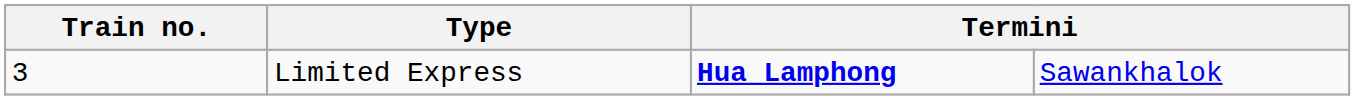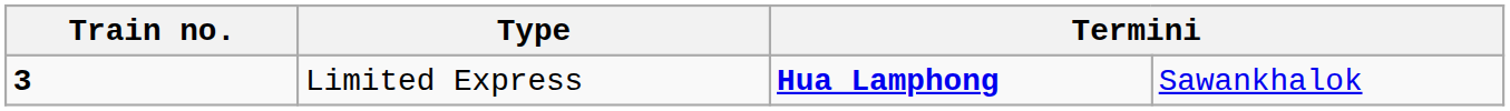 <table width=50% class="wikitable">
 <tr>
 <th>Train no.</th>
 <th>Type</th>
 <th colspan="2">Termini</th>
 </tr>
 <tr>
-<td>3</td>
+<td><strong>3</strong></td>
 <td>Limited Express</td>
 <td><strong><a href='#'>Hua Lamphong</a></strong></td>
 <td><a href='#'>Sawankhalok</a></td>
 </tr>
 </table>
